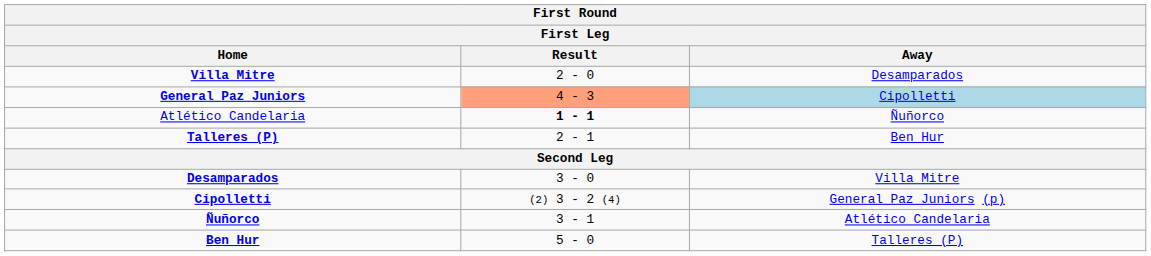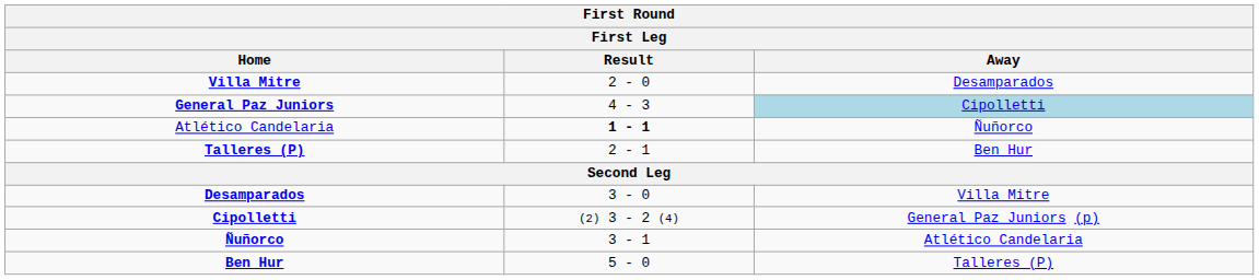 <table align=center class="wikitable collapsible collapsed" style="font-size:95%; text-align: center; width: 70%;">
 <tr>
 <th colspan=100% style="with: 100%;" align=center>First Round</th>
 </tr>
 <tr>
 <th colspan=100% style="with: 75%;" align=center>First Leg</th>
 </tr>
 <tr>
 <th width=30%>Home</th>
 <th width=15%>Result</th>
 <th width=30%>Away</th>
 </tr>
 <tr align=center>
 <td><strong><a href='#'>Villa Mitre</a></strong></td>
 <td>2 - 0</td>
 <td><a href='#'>Desamparados</a></td>
 </tr>
 <tr align=center>
 <td><strong><a href='#'>General Paz Juniors</a></strong></td>
-<td style="background: lightsalmon;">4 - 3</td>
+<td>4 - 3</td>
 <td style="background: lightblue;"><a href='#'>Cipolletti</a></td>
 </tr>
 <tr align=center>
 <td><a href='#'>Atlético Candelaria</a></td>
 <td><strong>1 - 1</strong></td>
 <td><a href='#'>Ñuñorco</a></td>
 </tr>
 <tr align=center>
 <td><strong><a href='#'>Talleres (P)</a></strong></td>
 <td>2 - 1</td>
 <td><a href='#'>Ben Hur</a></td>
 </tr>
 <tr>
 <th colspan="100%"  style="with:75%; text-align:center;">Second Leg</th>
 </tr>
 <tr align=center>
 <td><strong><a href='#'>Desamparados</a></strong></td>
 <td>3 - 0</td>
 <td><a href='#'>Villa Mitre</a></td>
 </tr>
 <tr align=center>
 <td><strong><a href='#'>Cipolletti</a></strong></td>
 <td><small>(2)</small> 3 - 2 <small>(4)</small></td>
 <td><a href='#'>General Paz Juniors</a> <a href='#'>(p)</a></td>
 </tr>
 <tr align=center>
 <td><strong><a href='#'>Ñuñorco</a></strong></td>
 <td>3 - 1</td>
 <td><a href='#'>Atlético Candelaria</a></td>
 </tr>
 <tr align=center>
 <td><strong><a href='#'>Ben Hur</a></strong></td>
 <td>5 - 0</td>
 <td><a href='#'>Talleres (P)</a></td>
 </tr>
 </table>
